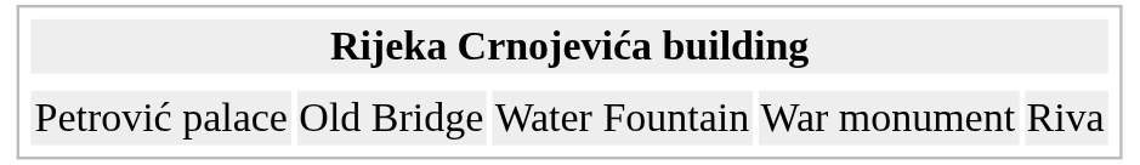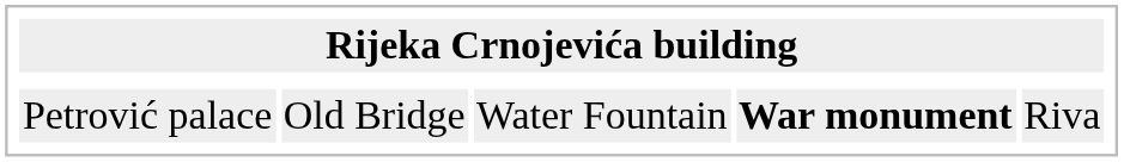 <table style="margin:1em auto; padding:2px; border: 1px solid #BBB; text-align:center; font-size:90%">
 <tr>
 <th colspan="5" style="background:#EEE">Rijeka Crnojevića building</th>
 </tr>
 <tr>
 <td></td>
 <td></td>
 <td></td>
 <td></td>
 <td></td>
 </tr>
 <tr style="background:#EEE">
 <td>Petrović palace</td>
 <td>Old Bridge</td>
 <td>Water Fountain</td>
-<td>War monument</td>
+<td><strong>War monument</strong></td>
 <td>Riva</td>
 </tr>
 </table>
